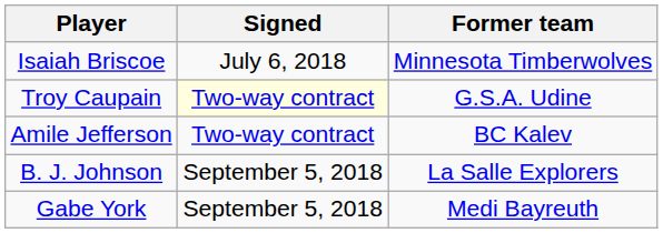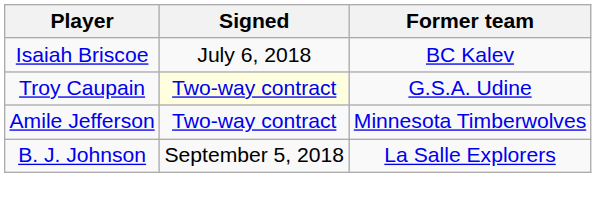 <table class="wikitable sortable sortable" style="text-align: center">
 <tr>
 <th>Player</th>
 <th>Signed</th>
 <th>Former team</th>
 </tr>
 <tr style="text-align: center">
 <td><a href='#'>Isaiah Briscoe</a></td>
 <td>July 6, 2018</td>
-<td><a href='#'>Minnesota Timberwolves</a></td>
+<td> <a href='#'>BC Kalev</a></td>
 </tr>
 <tr style="text-align: center">
 <td><a href='#'>Troy Caupain</a></td>
 <td style="background: lightyellow;"><a href='#'>Two-way contract</a></td>
 <td> <a href='#'>G.S.A. Udine</a></td>
 </tr>
 <tr style="text-align: center">
 <td><a href='#'>Amile Jefferson</a></td>
 <td><a href='#'>Two-way contract</a></td>
-<td> <a href='#'>BC Kalev</a></td>
+<td><a href='#'>Minnesota Timberwolves</a></td>
 </tr>
 <tr style="text-align: center">
 <td><a href='#'>B. J. Johnson</a></td>
 <td>September 5, 2018</td>
 <td><a href='#'>La Salle Explorers</a></td>
 </tr>
-<tr style="text-align: center">
-<td><a href='#'>Gabe York</a></td>
-<td>September 5, 2018</td>
-<td> <a href='#'>Medi Bayreuth</a></td>
-</tr>
 </table>
